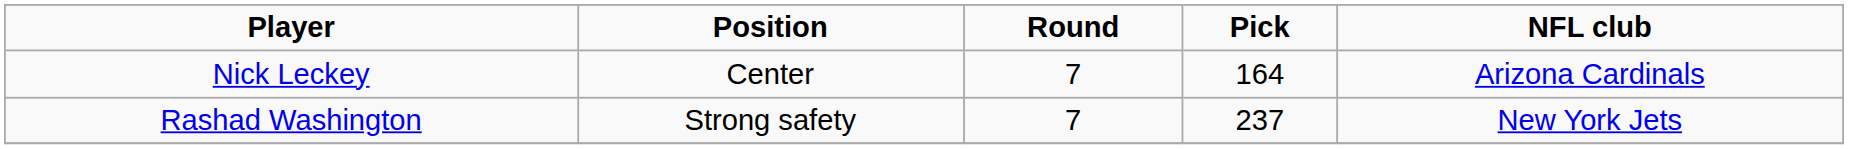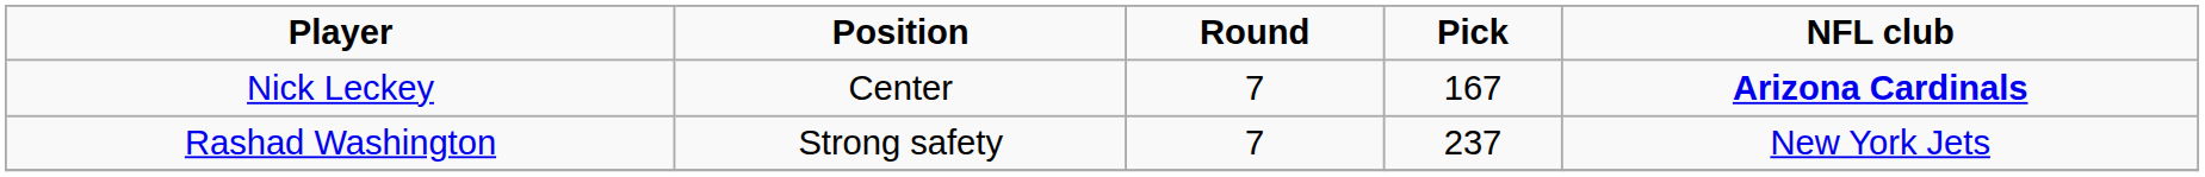 <table class="wikitable" width="80%">
 <tr align="center">
 <td><strong>Player</strong></td>
 <td><strong>Position</strong></td>
 <td><strong>Round</strong></td>
 <td><strong>Pick</strong></td>
 <td><strong>NFL club</strong></td>
 </tr>
 <tr align="center" bgcolor="">
 <td><a href='#'>Nick Leckey</a></td>
 <td>Center</td>
 <td>7</td>
-<td>164</td>
-<td><a href='#'>Arizona Cardinals</a></td>
+<td>167</td>
+<td><strong><a href='#'>Arizona Cardinals</a></strong></td>
 </tr>
 <tr align="center" bgcolor="">
 <td><a href='#'>Rashad Washington</a></td>
 <td>Strong safety</td>
 <td>7</td>
 <td>237</td>
 <td><a href='#'>New York Jets</a></td>
 </tr>
 <tr align="center" bgcolor="">
 </tr>
 </table>
